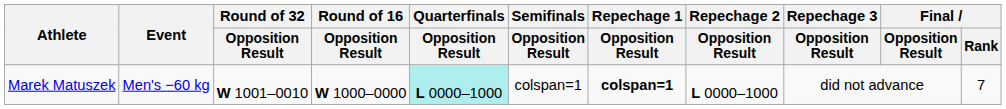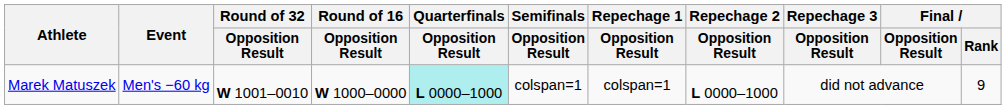 <table class="wikitable" style="font-size:90%">
 <tr>
 <th rowspan="2">Athlete</th>
 <th rowspan="2">Event</th>
 <th>Round of 32</th>
 <th>Round of 16</th>
 <th>Quarterfinals</th>
 <th>Semifinals</th>
 <th>Repechage 1</th>
 <th>Repechage 2</th>
 <th>Repechage 3</th>
 <th colspan=2>Final / </th>
 </tr>
 <tr style="font-size:95%">
 <th>Opposition<br>Result</th>
 <th>Opposition<br>Result</th>
 <th>Opposition<br>Result</th>
 <th>Opposition<br>Result</th>
 <th>Opposition<br>Result</th>
 <th>Opposition<br>Result</th>
 <th>Opposition<br>Result</th>
 <th>Opposition<br>Result</th>
 <th>Rank</th>
 </tr>
 <tr align=center>
 <td align=left><a href='#'>Marek Matuszek</a></td>
 <td align=left><a href='#'>Men's −60 kg</a></td>
 <td><br><strong>W</strong> 1001–0010</td>
 <td><br><strong>W</strong> 1000–0000</td>
 <td style="background: paleturquoise;"><br><strong>L</strong> 0000–1000</td>
 <td>colspan=1 </td>
-<td><strong>colspan=1 </strong></td>
+<td>colspan=1 </td>
 <td><br><strong>L</strong> 0000–1000</td>
 <td colspan=2>did not advance</td>
-<td>7</td>
+<td>9</td>
 </tr>
 </table>
